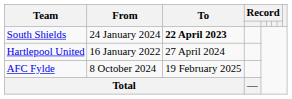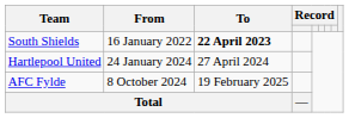 <table class="wikitable" style="text-align:center">
 <tr>
 <th rowspan="2">Team</th>
 <th rowspan="2">From</th>
 <th rowspan="2">To</th>
 <th colspan="5">Record</th>
 <th rowspan="2"></th>
 </tr>
 <tr>
 <th></th>
 <th></th>
 <th></th>
 <th></th>
 <th></th>
 </tr>
 <tr>
 <td align="left"><a href='#'>South Shields</a></td>
-<td align="left">24 January 2024</td>
+<td align="left">16 January 2022</td>
 <td align="left"><strong>22 April 2023<br></strong></td>
 <td></td>
 </tr>
 <tr>
 <td align="left"><a href='#'>Hartlepool United</a></td>
-<td align="left">16 January 2022</td>
+<td align="left">24 January 2024</td>
 <td align="left">27 April 2024<br></td>
 <td></td>
 </tr>
 <tr>
 <td align="left"><a href='#'>AFC Fylde</a></td>
 <td align="left">8 October 2024</td>
 <td align="left">19 February 2025<br></td>
 <td></td>
 </tr>
 <tr>
 <th colspan="3">Total<br></th>
 <th>—</th>
 </tr>
 </table>
